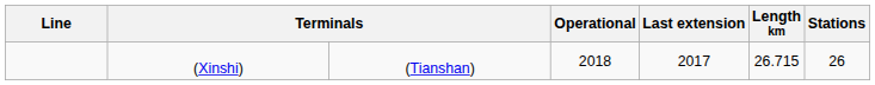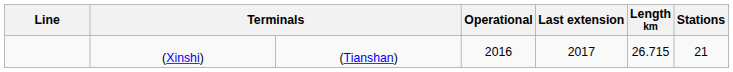 <table class="wikitable" style="cell-padding:1.5; font-size:96%; text-align:center;line-height:1.05">
 <tr>
 <th data-sort-type="text" style="width:100px">Line</th>
 <th colspan="2" class="unsortable" style="width:400px">Terminals</th>
 <th>Operational</th>
 <th>Last extension</th>
 <th>Length<br><small>km</small></th>
 <th>Stations</th>
 </tr>
 <tr>
 <td></td>
 <td style="width:225px"><strong></strong><br>(<a href='#'>Xinshi</a>)</td>
 <td style="width:225px"><strong></strong><br>(<a href='#'>Tianshan</a>)</td>
-<td>2018</td>
+<td>2016</td>
 <td>2017</td>
 <td>26.715</td>
-<td>26</td>
+<td>21</td>
 </tr>
 </table>
